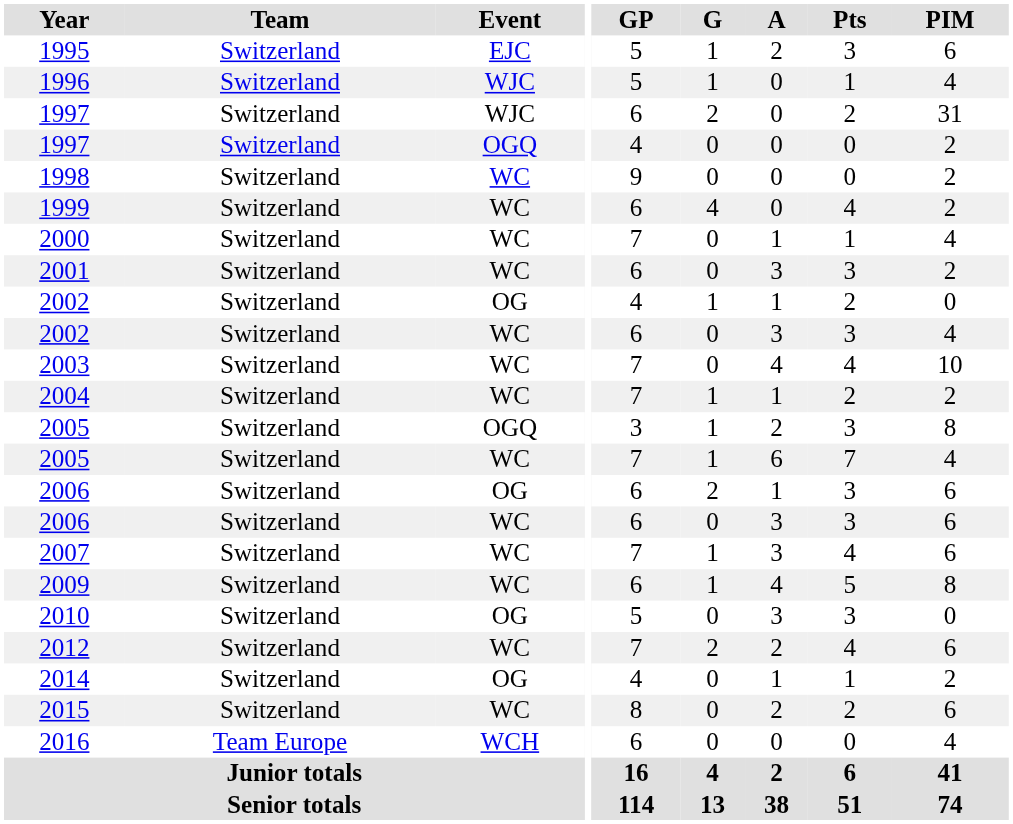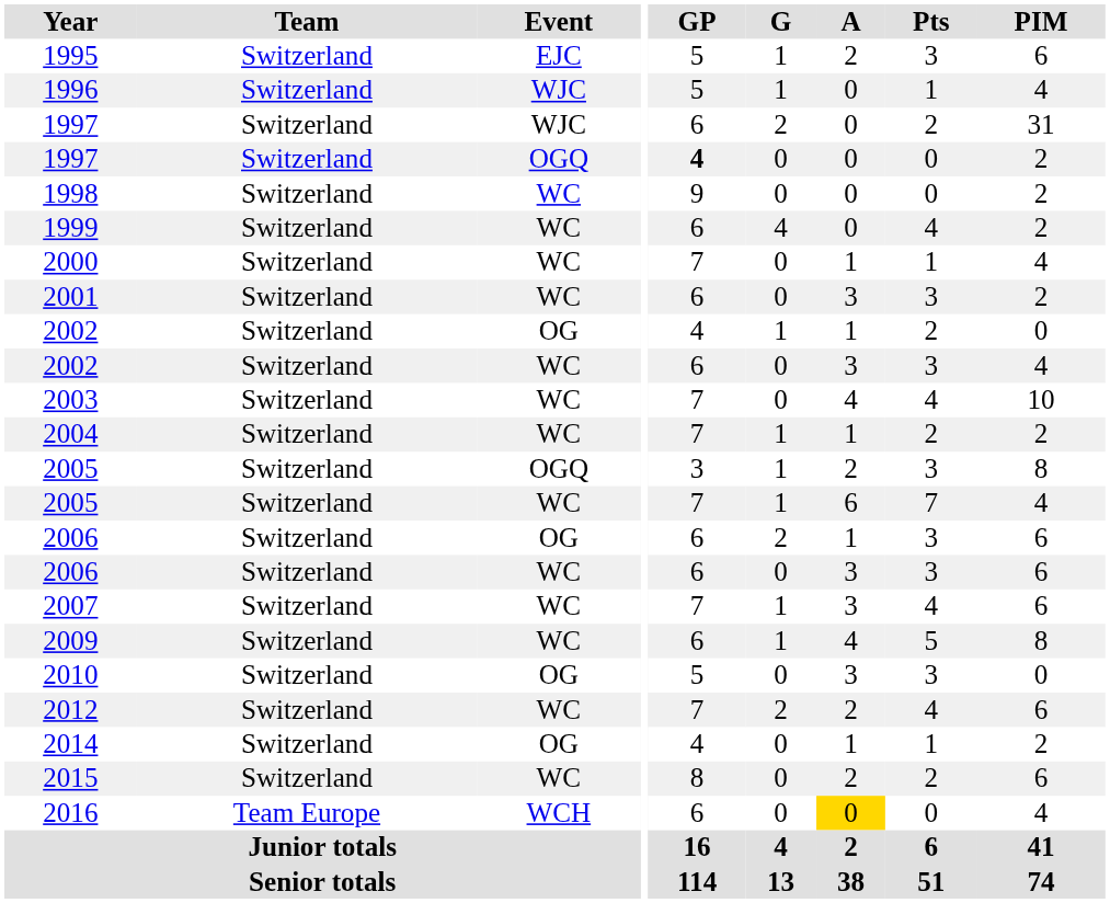 <table border="0" cellpadding="1" cellspacing="0" ID="Table3" style="text-align:center; width:40em">
 <tr ALIGN="center" bgcolor="#e0e0e0">
 <th>Year</th>
 <th>Team</th>
 <th>Event</th>
 <th rowspan="99" bgcolor="#ffffff"></th>
 <th>GP</th>
 <th>G</th>
 <th>A</th>
 <th>Pts</th>
 <th>PIM</th>
 </tr>
 <tr>
 <td><a href='#'>1995</a></td>
 <td><a href='#'>Switzerland</a></td>
 <td><a href='#'>EJC</a></td>
 <td>5</td>
 <td>1</td>
 <td>2</td>
 <td>3</td>
 <td>6</td>
 </tr>
 <tr bgcolor="#f0f0f0">
 <td><a href='#'>1996</a></td>
 <td><a href='#'>Switzerland</a></td>
 <td><a href='#'>WJC</a></td>
 <td>5</td>
 <td>1</td>
 <td>0</td>
 <td>1</td>
 <td>4</td>
 </tr>
 <tr>
 <td><a href='#'>1997</a></td>
 <td>Switzerland</td>
 <td>WJC</td>
 <td>6</td>
 <td>2</td>
 <td>0</td>
 <td>2</td>
 <td>31</td>
 </tr>
 <tr bgcolor="#f0f0f0">
 <td><a href='#'>1997</a></td>
 <td><a href='#'>Switzerland</a></td>
 <td><a href='#'>OGQ</a></td>
-<td>4</td>
+<td><strong>4</strong></td>
 <td>0</td>
 <td>0</td>
 <td>0</td>
 <td>2</td>
 </tr>
 <tr>
 <td><a href='#'>1998</a></td>
 <td>Switzerland</td>
 <td><a href='#'>WC</a></td>
 <td>9</td>
 <td>0</td>
 <td>0</td>
 <td>0</td>
 <td>2</td>
 </tr>
 <tr bgcolor="#f0f0f0">
 <td><a href='#'>1999</a></td>
 <td>Switzerland</td>
 <td>WC</td>
 <td>6</td>
 <td>4</td>
 <td>0</td>
 <td>4</td>
 <td>2</td>
 </tr>
 <tr>
 <td><a href='#'>2000</a></td>
 <td>Switzerland</td>
 <td>WC</td>
 <td>7</td>
 <td>0</td>
 <td>1</td>
 <td>1</td>
 <td>4</td>
 </tr>
 <tr bgcolor="#f0f0f0">
 <td><a href='#'>2001</a></td>
 <td>Switzerland</td>
 <td>WC</td>
 <td>6</td>
 <td>0</td>
 <td>3</td>
 <td>3</td>
 <td>2</td>
 </tr>
 <tr>
 <td><a href='#'>2002</a></td>
 <td>Switzerland</td>
 <td>OG</td>
 <td>4</td>
 <td>1</td>
 <td>1</td>
 <td>2</td>
 <td>0</td>
 </tr>
 <tr bgcolor="#f0f0f0">
 <td><a href='#'>2002</a></td>
 <td>Switzerland</td>
 <td>WC</td>
 <td>6</td>
 <td>0</td>
 <td>3</td>
 <td>3</td>
 <td>4</td>
 </tr>
 <tr>
 <td><a href='#'>2003</a></td>
 <td>Switzerland</td>
 <td>WC</td>
 <td>7</td>
 <td>0</td>
 <td>4</td>
 <td>4</td>
 <td>10</td>
 </tr>
 <tr bgcolor="#f0f0f0">
 <td><a href='#'>2004</a></td>
 <td>Switzerland</td>
 <td>WC</td>
 <td>7</td>
 <td>1</td>
 <td>1</td>
 <td>2</td>
 <td>2</td>
 </tr>
 <tr>
 <td><a href='#'>2005</a></td>
 <td>Switzerland</td>
 <td>OGQ</td>
 <td>3</td>
 <td>1</td>
 <td>2</td>
 <td>3</td>
 <td>8</td>
 </tr>
 <tr bgcolor="#f0f0f0">
 <td><a href='#'>2005</a></td>
 <td>Switzerland</td>
 <td>WC</td>
 <td>7</td>
 <td>1</td>
 <td>6</td>
 <td>7</td>
 <td>4</td>
 </tr>
 <tr>
 <td><a href='#'>2006</a></td>
 <td>Switzerland</td>
 <td>OG</td>
 <td>6</td>
 <td>2</td>
 <td>1</td>
 <td>3</td>
 <td>6</td>
 </tr>
 <tr bgcolor="#f0f0f0">
 <td><a href='#'>2006</a></td>
 <td>Switzerland</td>
 <td>WC</td>
 <td>6</td>
 <td>0</td>
 <td>3</td>
 <td>3</td>
 <td>6</td>
 </tr>
 <tr>
 <td><a href='#'>2007</a></td>
 <td>Switzerland</td>
 <td>WC</td>
 <td>7</td>
 <td>1</td>
 <td>3</td>
 <td>4</td>
 <td>6</td>
 </tr>
 <tr bgcolor="#f0f0f0">
 <td><a href='#'>2009</a></td>
 <td>Switzerland</td>
 <td>WC</td>
 <td>6</td>
 <td>1</td>
 <td>4</td>
 <td>5</td>
 <td>8</td>
 </tr>
 <tr>
 <td><a href='#'>2010</a></td>
 <td>Switzerland</td>
 <td>OG</td>
 <td>5</td>
 <td>0</td>
 <td>3</td>
 <td>3</td>
 <td>0</td>
 </tr>
 <tr bgcolor="#f0f0f0">
 <td><a href='#'>2012</a></td>
 <td>Switzerland</td>
 <td>WC</td>
 <td>7</td>
 <td>2</td>
 <td>2</td>
 <td>4</td>
 <td>6</td>
 </tr>
 <tr>
 <td><a href='#'>2014</a></td>
 <td>Switzerland</td>
 <td>OG</td>
 <td>4</td>
 <td>0</td>
 <td>1</td>
 <td>1</td>
 <td>2</td>
 </tr>
 <tr bgcolor="#f0f0f0">
 <td><a href='#'>2015</a></td>
 <td>Switzerland</td>
 <td>WC</td>
 <td>8</td>
 <td>0</td>
 <td>2</td>
 <td>2</td>
 <td>6</td>
 </tr>
 <tr>
 <td><a href='#'>2016</a></td>
 <td><a href='#'>Team Europe</a></td>
 <td><a href='#'>WCH</a></td>
 <td>6</td>
 <td>0</td>
-<td>0</td>
+<td style="background: gold;">0</td>
 <td>0</td>
 <td>4</td>
 </tr>
 <tr bgcolor="#e0e0e0">
 <th colspan=3>Junior totals</th>
 <th>16</th>
 <th>4</th>
 <th>2</th>
 <th>6</th>
 <th>41</th>
 </tr>
 <tr bgcolor="#e0e0e0">
 <th colspan=3>Senior totals</th>
 <th>114</th>
 <th>13</th>
 <th>38</th>
 <th>51</th>
 <th>74</th>
 </tr>
 </table>
